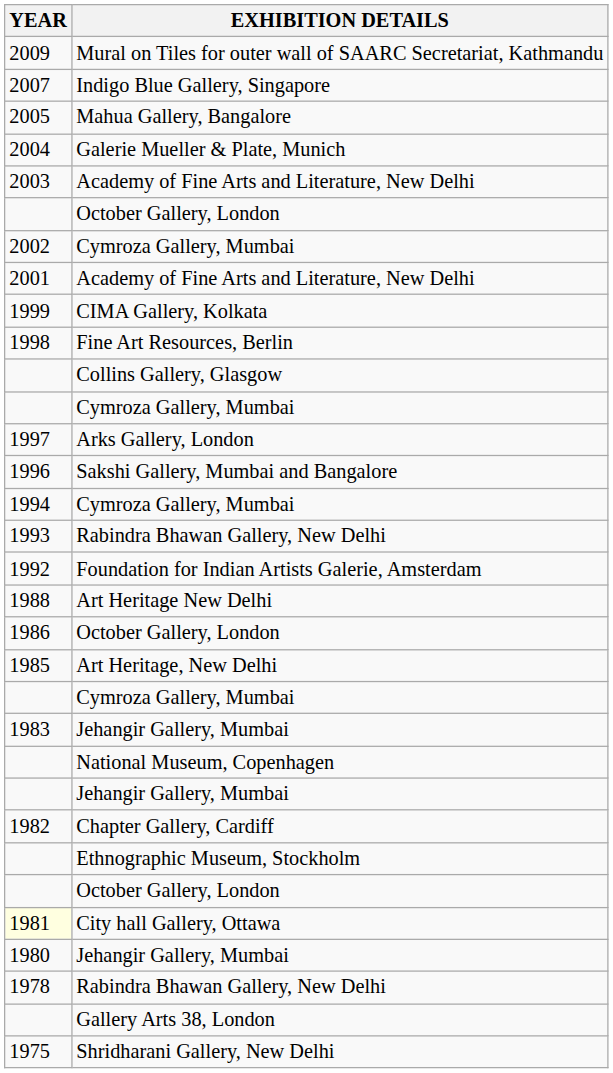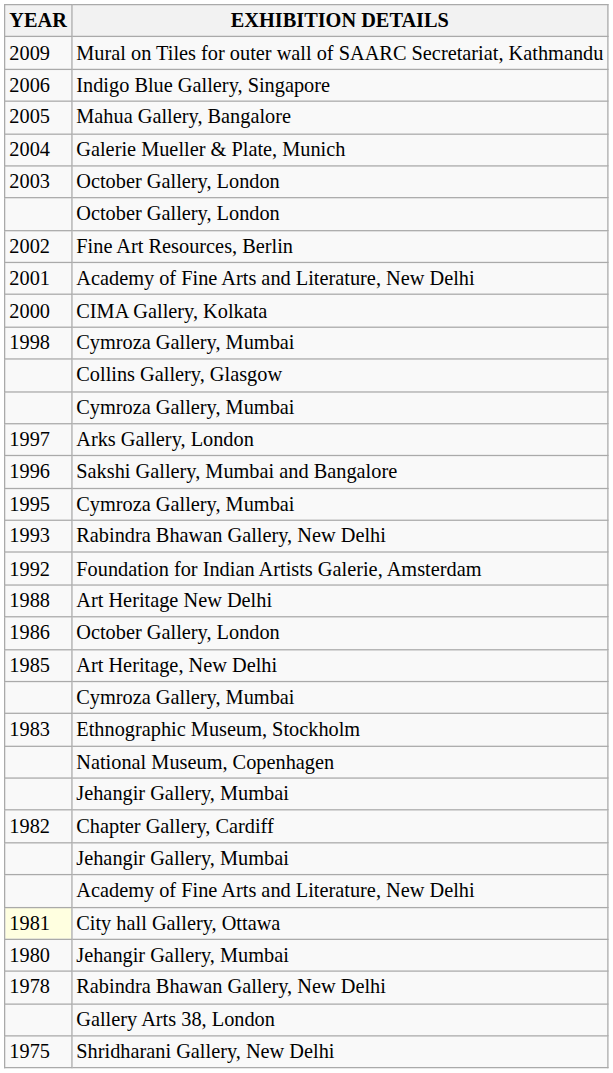 <table class="wikitable">
 <tr>
 <th>YEAR</th>
 <th>EXHIBITION DETAILS</th>
 </tr>
 <tr>
 <td>2009</td>
 <td>Mural on Tiles for outer wall of SAARC Secretariat, Kathmandu</td>
 </tr>
 <tr>
-<td>2007</td>
+<td>2006</td>
 <td>Indigo Blue Gallery, Singapore</td>
 </tr>
 <tr>
 <td>2005</td>
 <td>Mahua Gallery, Bangalore</td>
 </tr>
 <tr>
 <td>2004</td>
 <td>Galerie Mueller & Plate, Munich</td>
 </tr>
 <tr>
 <td>2003</td>
-<td>Academy of Fine Arts and Literature, New Delhi</td>
+<td>October Gallery, London </td>
 </tr>
 <tr>
 <td></td>
 <td>October Gallery, London</td>
 </tr>
 <tr>
 <td>2002</td>
-<td>Cymroza Gallery, Mumbai</td>
+<td>Fine Art Resources, Berlin</td>
 </tr>
 <tr>
 <td>2001</td>
 <td>Academy of Fine Arts and Literature, New Delhi</td>
 </tr>
 <tr>
-<td>1999</td>
+<td>2000</td>
 <td>CIMA Gallery, Kolkata</td>
 </tr>
 <tr>
 <td>1998</td>
-<td>Fine Art Resources, Berlin</td>
+<td>Cymroza Gallery, Mumbai</td>
 </tr>
 <tr>
 <td></td>
 <td>Collins Gallery, Glasgow</td>
 </tr>
 <tr>
 <td></td>
 <td>Cymroza Gallery, Mumbai</td>
 </tr>
 <tr>
 <td>1997</td>
 <td>Arks Gallery, London</td>
 </tr>
 <tr>
 <td>1996</td>
 <td>Sakshi Gallery, Mumbai and Bangalore</td>
 </tr>
 <tr>
-<td>1994</td>
+<td>1995</td>
 <td>Cymroza Gallery, Mumbai</td>
 </tr>
 <tr>
 <td>1993</td>
 <td>Rabindra Bhawan Gallery, New Delhi</td>
 </tr>
 <tr>
 <td>1992</td>
 <td>Foundation for Indian Artists Galerie, Amsterdam</td>
 </tr>
 <tr>
 <td>1988</td>
 <td>Art Heritage New Delhi</td>
 </tr>
 <tr>
 <td>1986</td>
 <td>October Gallery, London</td>
 </tr>
 <tr>
 <td>1985</td>
 <td>Art Heritage, New Delhi</td>
 </tr>
 <tr>
 <td></td>
 <td>Cymroza Gallery, Mumbai</td>
 </tr>
 <tr>
 <td>1983</td>
-<td>Jehangir Gallery, Mumbai</td>
+<td>Ethnographic Museum, Stockholm</td>
 </tr>
 <tr>
 <td></td>
 <td>National Museum, Copenhagen</td>
 </tr>
 <tr>
 <td></td>
 <td>Jehangir Gallery, Mumbai</td>
 </tr>
 <tr>
 <td>1982</td>
 <td>Chapter Gallery, Cardiff</td>
 </tr>
 <tr>
 <td></td>
-<td>Ethnographic Museum, Stockholm</td>
+<td>Jehangir Gallery, Mumbai</td>
 </tr>
 <tr>
 <td></td>
-<td>October Gallery, London </td>
+<td>Academy of Fine Arts and Literature, New Delhi</td>
 </tr>
 <tr>
 <td style="background: lightyellow;">1981</td>
 <td>City hall Gallery, Ottawa</td>
 </tr>
 <tr>
 <td>1980</td>
 <td>Jehangir Gallery, Mumbai</td>
 </tr>
 <tr>
 <td>1978</td>
 <td>Rabindra Bhawan Gallery, New Delhi</td>
 </tr>
 <tr>
 <td></td>
 <td>Gallery Arts 38, London</td>
 </tr>
 <tr>
 <td>1975</td>
 <td>Shridharani Gallery, New Delhi</td>
 </tr>
 </table>
